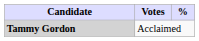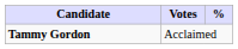 <table class="wikitable">
 <tr>
 <th style="background:#ddf; width:200px;">Candidate</th>
 <th style="background:#ddf; width:50px;">Votes</th>
 <th style="background:#ddf; width:30px;">%</th>
 </tr>
 <tr>
-<td style="background: lightgrey;"><strong>Tammy Gordon</strong></td>
+<td><strong>Tammy Gordon</strong></td>
 <td colspan="2">Acclaimed</td>
 </tr>
 </table>
